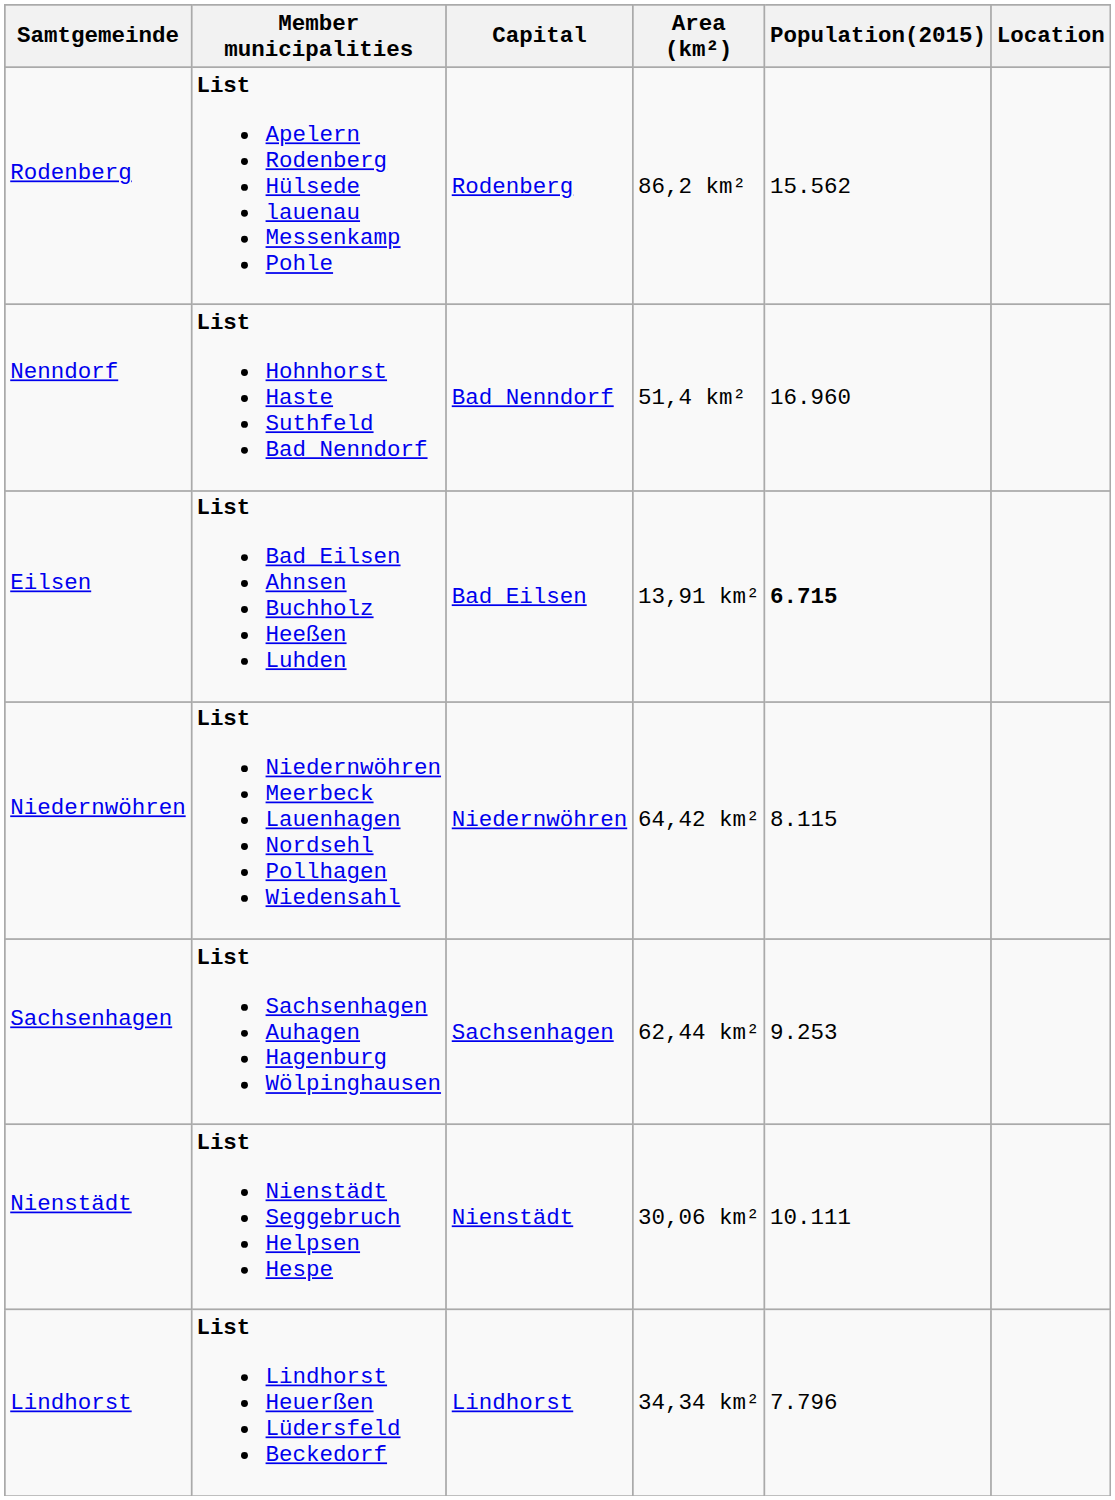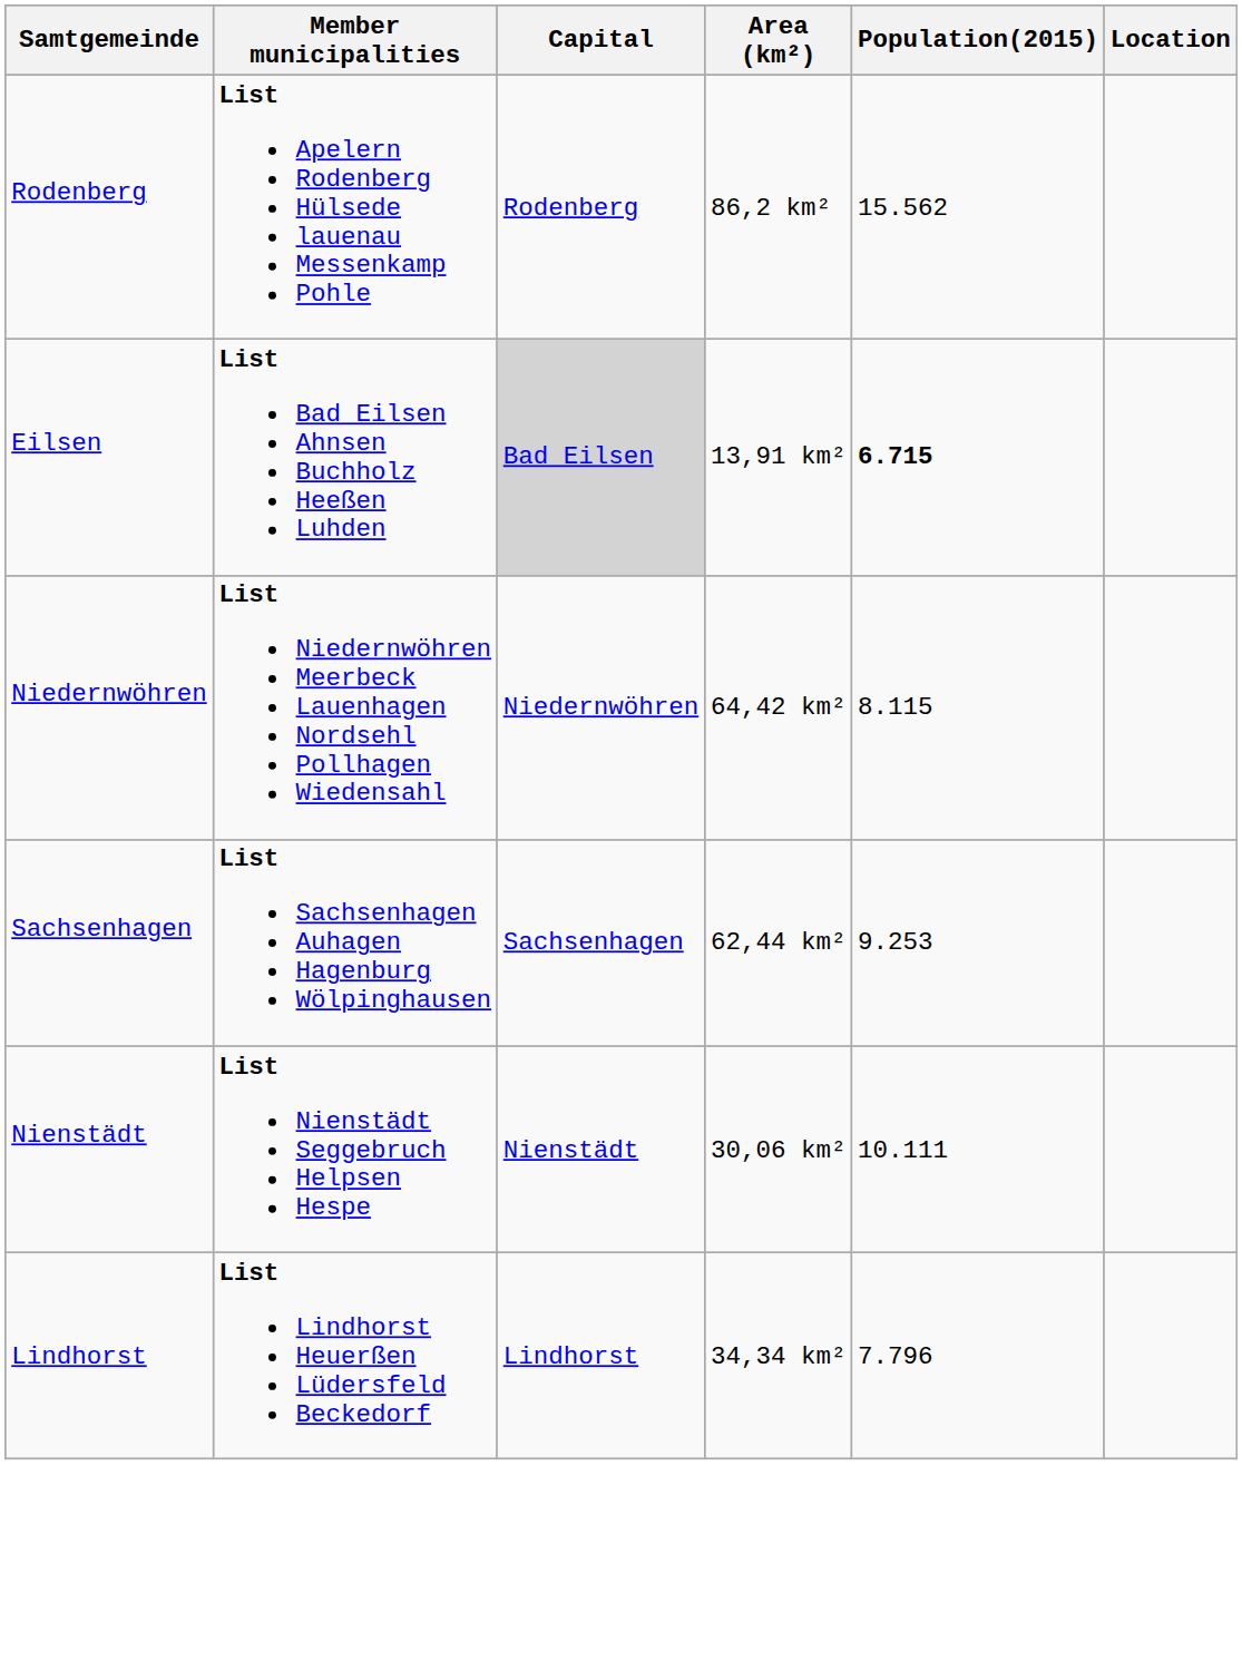 <table class="wikitable">
 <tr>
 <th>Samtgemeinde</th>
 <th>Member municipalities</th>
 <th>Capital</th>
 <th>Area (km²)</th>
 <th>Population(2015)</th>
 <th>Location</th>
 </tr>
 <tr>
 <td><a href='#'>Rodenberg</a><br><br></td>
 <td><strong>List</strong><br><ul><li><a href='#'>Apelern</a></li><li><a href='#'>Rodenberg</a></li><li><a href='#'>Hülsede</a></li><li><a href='#'>lauenau</a></li><li><a href='#'>Messenkamp</a></li><li><a href='#'>Pohle</a></li></ul></td>
 <td><a href='#'>Rodenberg</a></td>
 <td>86,2 km²</td>
 <td>15.562</td>
 <td><br></td>
 </tr>
 <tr>
-<td><a href='#'>Nenndorf</a><br><br><br> </td>
-<td><strong>List</strong><br><ul><li><a href='#'>Hohnhorst</a></li><li><a href='#'>Haste</a></li><li><a href='#'>Suthfeld</a></li><li><a href='#'>Bad Nenndorf</a></li></ul></td>
-<td><a href='#'>Bad Nenndorf</a></td>
-<td>51,4 km²</td>
-<td>16.960</td>
-<td><br></td>
-</tr>
-<tr>
 <td><a href='#'>Eilsen</a><br><br></td>
 <td><strong>List</strong><br><ul><li><a href='#'>Bad Eilsen</a></li><li><a href='#'>Ahnsen</a></li><li><a href='#'>Buchholz</a></li><li><a href='#'>Heeßen</a></li><li><a href='#'>Luhden</a></li></ul></td>
-<td><a href='#'>Bad Eilsen</a></td>
+<td style="background: lightgrey;"><a href='#'>Bad Eilsen</a></td>
 <td>13,91 km²</td>
 <td><strong>6.715</strong></td>
 <td><br></td>
 </tr>
 <tr>
 <td><a href='#'>Niedernwöhren</a><br><br></td>
 <td><strong>List</strong><br><ul><li><a href='#'>Niedernwöhren</a></li><li><a href='#'>Meerbeck</a></li><li><a href='#'>Lauenhagen</a></li><li><a href='#'>Nordsehl</a></li><li><a href='#'>Pollhagen</a></li><li><a href='#'>Wiedensahl</a></li></ul></td>
 <td><a href='#'>Niedernwöhren</a></td>
 <td>64,42 km²</td>
 <td>8.115</td>
 <td><br></td>
 </tr>
 <tr>
 <td><a href='#'>Sachsenhagen</a><br><br></td>
 <td><strong>List</strong><br><ul><li><a href='#'>Sachsenhagen</a></li><li><a href='#'>Auhagen</a></li><li><a href='#'>Hagenburg</a></li><li><a href='#'>Wölpinghausen</a></li></ul></td>
 <td><a href='#'>Sachsenhagen</a></td>
 <td>62,44 km²</td>
 <td>9.253</td>
 <td><br></td>
 </tr>
 <tr>
 <td><a href='#'>Nienstädt</a><br><br></td>
 <td><strong>List</strong><br><ul><li><a href='#'>Nienstädt</a></li><li><a href='#'>Seggebruch</a></li><li><a href='#'>Helpsen</a></li><li><a href='#'>Hespe</a></li></ul></td>
 <td><a href='#'>Nienstädt</a></td>
 <td>30,06 km²</td>
 <td>10.111</td>
 <td><br></td>
 </tr>
 <tr>
 <td><a href='#'>Lindhorst</a></td>
 <td><strong>List</strong><br><ul><li><a href='#'>Lindhorst</a></li><li><a href='#'>Heuerßen</a></li><li><a href='#'>Lüdersfeld</a></li><li><a href='#'>Beckedorf</a></li></ul></td>
 <td><a href='#'>Lindhorst</a></td>
 <td>34,34 km²</td>
 <td>7.796</td>
 <td><br></td>
 </tr>
 </table>
